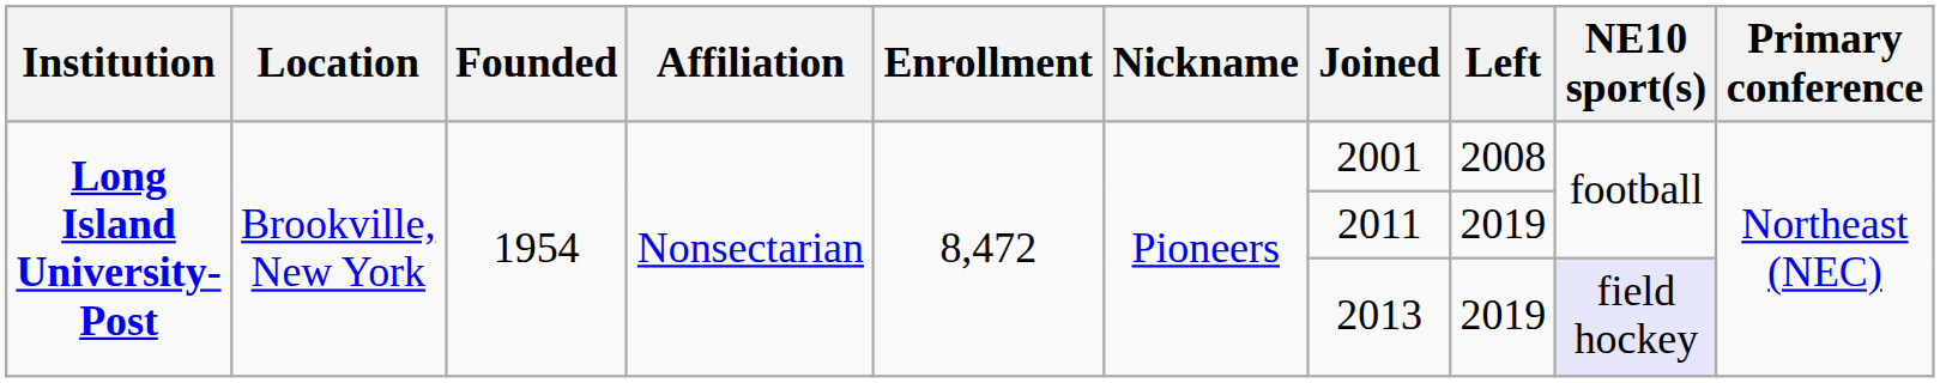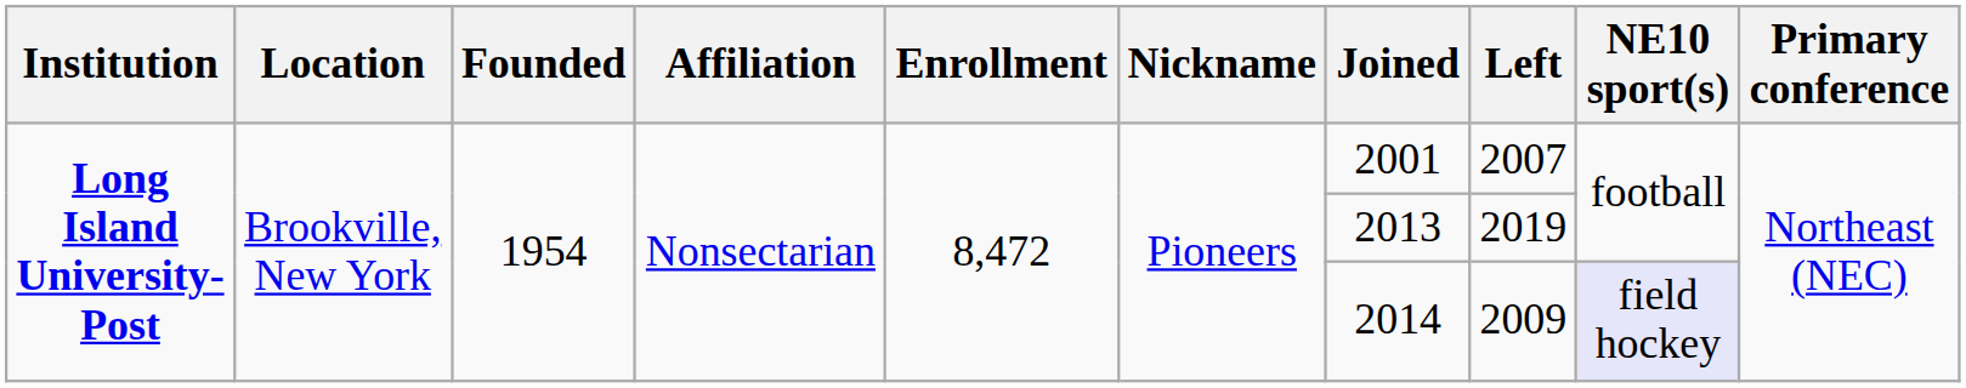 <table class="wikitable sortable" style="text-align:center">
 <tr>
 <th>Institution</th>
 <th>Location</th>
 <th>Founded</th>
 <th>Affiliation</th>
 <th>Enrollment</th>
 <th>Nickname</th>
 <th>Joined</th>
 <th>Left</th>
 <th>NE10<br>sport(s)</th>
 <th>Primary<br>conference</th>
 </tr>
 <tr>
 <td rowspan=3><strong><a href='#'>Long Island University-Post</a></strong></td>
 <td rowspan=3><a href='#'>Brookville, New York</a></td>
 <td rowspan=3>1954</td>
 <td rowspan=3><a href='#'>Nonsectarian</a></td>
 <td rowspan=3>8,472</td>
 <td rowspan=3><a href='#'>Pioneers</a></td>
 <td>2001</td>
-<td>2008</td>
+<td>2007</td>
 <td rowspan=2>football</td>
 <td rowspan=3><a href='#'>Northeast (NEC)</a></td>
 </tr>
 <tr>
-<td>2011</td>
+<td>2013</td>
 <td>2019</td>
 </tr>
 <tr>
-<td>2013</td>
-<td>2019</td>
+<td>2014</td>
+<td>2009</td>
 <td style="background: lavender;">field hockey</td>
 </tr>
 </table>
